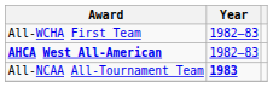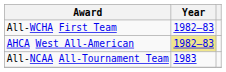 <table class="wikitable">
 <tr>
 <th>Award</th>
 <th>Year</th>
 <th></th>
 </tr>
 <tr>
 <td>All-<a href='#'>WCHA</a> <a href='#'>First Team</a></td>
 <td><a href='#'>1982–83</a></td>
 <td></td>
 </tr>
 <tr>
-<td><strong><a href='#'>AHCA</a> <a href='#'>West All-American</a></strong></td>
-<td><a href='#'>1982–83</a></td>
+<td><a href='#'>AHCA</a> <a href='#'>West All-American</a></td>
+<td style="background: khaki;"><a href='#'>1982–83</a></td>
 <td></td>
 </tr>
 <tr>
 <td>All-<a href='#'>NCAA</a> <a href='#'>All-Tournament Team</a></td>
-<td><strong><a href='#'>1983</a></strong></td>
+<td><a href='#'>1983</a></td>
 <td></td>
 </tr>
 <tr>
 </tr>
 </table>
